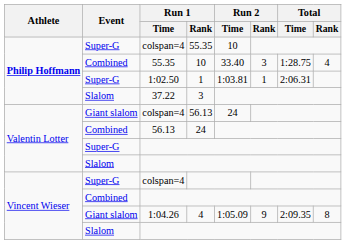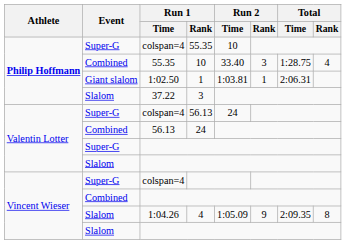 <table class="wikitable" style="font-size:90%">
 <tr>
 <th rowspan=2>Athlete</th>
 <th rowspan=2>Event</th>
 <th colspan=2>Run 1</th>
 <th colspan=2>Run 2</th>
 <th colspan=2>Total</th>
 </tr>
 <tr style="font-size:95%">
 <th>Time</th>
 <th>Rank</th>
 <th>Time</th>
 <th>Rank</th>
 <th>Time</th>
 <th>Rank</th>
 </tr>
 <tr align=center>
 <td align="left" rowspan="4"><strong><a href='#'>Philip Hoffmann</a></strong></td>
 <td align="left"><a href='#'>Super-G</a></td>
 <td>colspan=4</td>
 <td>55.35</td>
 <td>10</td>
 </tr>
 <tr align=center>
 <td align="left"><a href='#'>Combined</a></td>
 <td>55.35</td>
 <td>10</td>
 <td>33.40</td>
 <td>3</td>
 <td>1:28.75</td>
 <td>4</td>
 </tr>
 <tr align=center>
-<td align="left"><a href='#'>Super-G</a></td>
+<td align="left"><a href='#'>Giant slalom</a></td>
 <td>1:02.50</td>
 <td>1</td>
 <td>1:03.81</td>
 <td>1</td>
 <td>2:06.31</td>
 <td><strong></strong></td>
 </tr>
 <tr align=center>
 <td align="left"><a href='#'>Slalom</a></td>
 <td>37.22</td>
 <td>3</td>
 <td colspan=4></td>
 </tr>
 <tr align=center>
 <td align="left" rowspan="4"><a href='#'>Valentin Lotter</a></td>
-<td align="left"><a href='#'>Giant slalom</a></td>
+<td align="left"><a href='#'>Super-G</a></td>
 <td>colspan=4</td>
 <td>56.13</td>
 <td>24</td>
 </tr>
 <tr align=center>
 <td align="left"><a href='#'>Combined</a></td>
 <td>56.13</td>
 <td>24</td>
 <td colspan=4></td>
 </tr>
 <tr align=center>
 <td align="left"><a href='#'>Super-G</a></td>
 <td colspan=6></td>
 </tr>
 <tr align=center>
 <td align="left"><a href='#'>Slalom</a></td>
 <td colspan=6></td>
 </tr>
 <tr align=center>
 <td align="left" rowspan="4"><a href='#'>Vincent Wieser</a></td>
 <td align="left"><a href='#'>Super-G</a></td>
 <td>colspan=4</td>
 <td colspan=2></td>
 </tr>
 <tr align=center>
 <td align="left"><a href='#'>Combined</a></td>
 <td colspan=6></td>
 </tr>
 <tr align=center>
-<td align="left"><a href='#'>Giant slalom</a></td>
+<td align="left"><a href='#'>Slalom</a></td>
 <td>1:04.26</td>
 <td>4</td>
 <td>1:05.09</td>
 <td>9</td>
 <td>2:09.35</td>
 <td>8</td>
 </tr>
 <tr align=center>
 <td align="left"><a href='#'>Slalom</a></td>
 <td colspan=6></td>
 </tr>
 </table>
